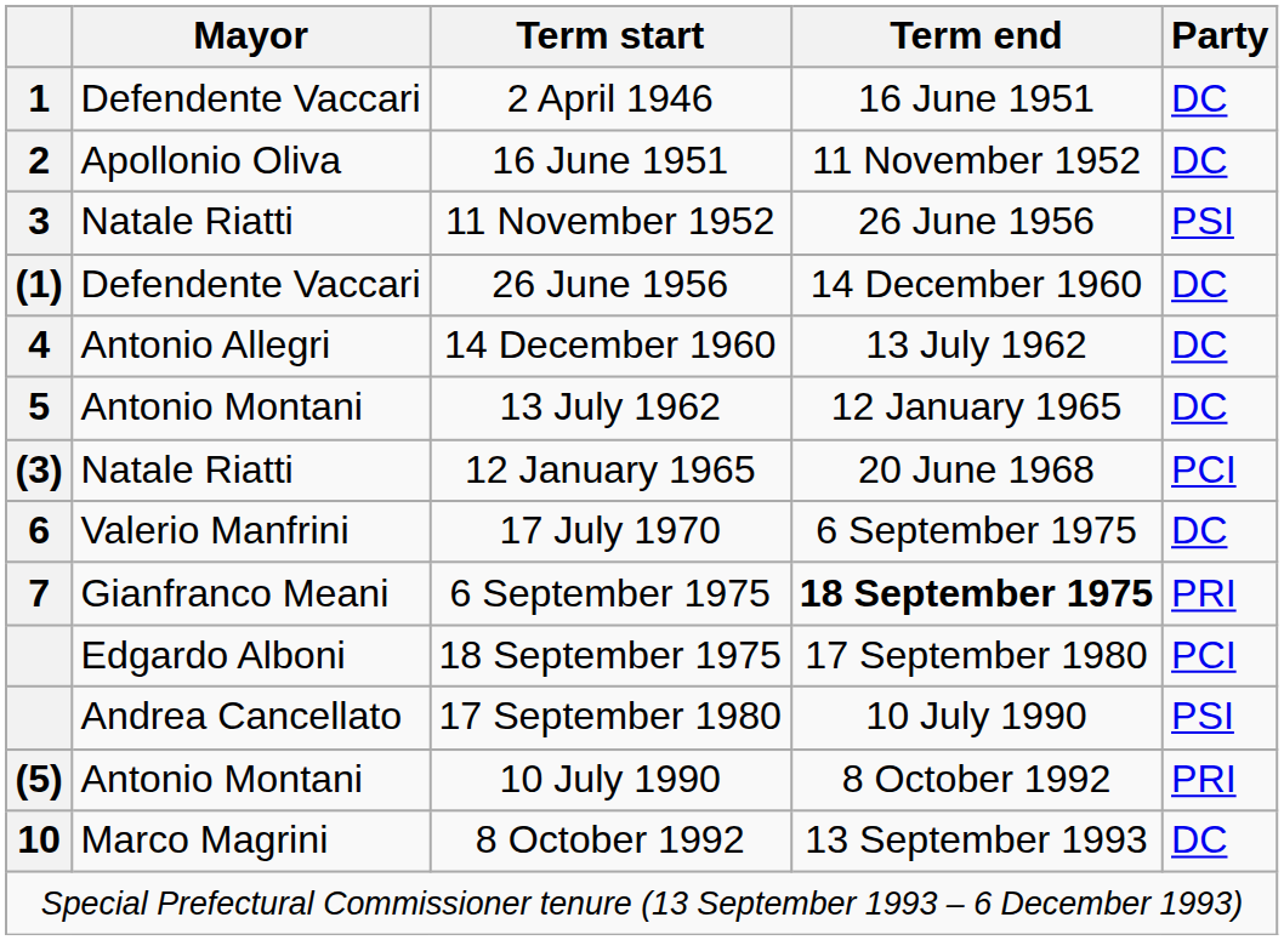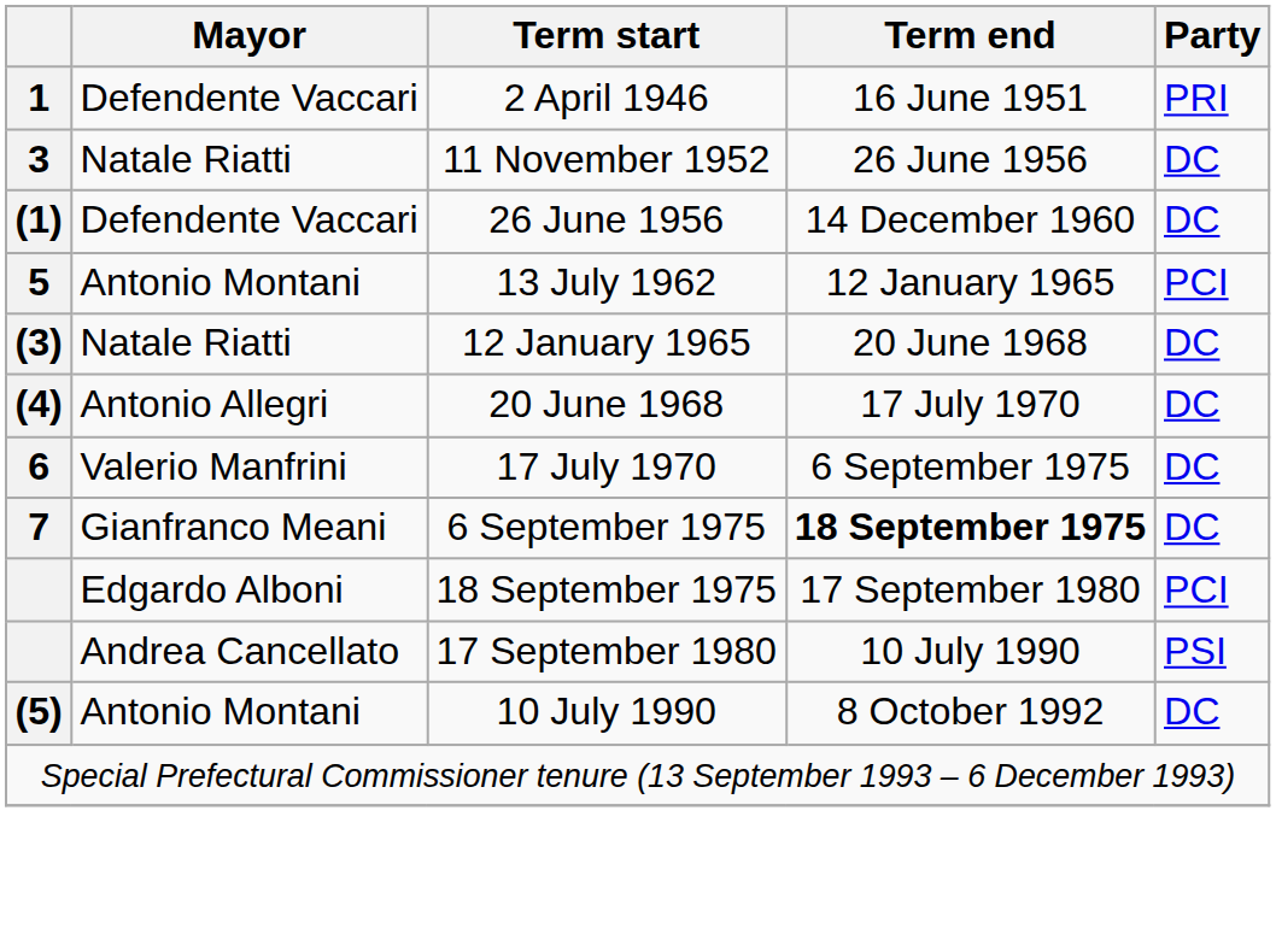 <table class="wikitable">
 <tr>
 <th class=unsortable> </th>
 <th>Mayor</th>
 <th>Term start</th>
 <th>Term end</th>
 <th>Party</th>
 </tr>
 <tr>
 <th style="background:">1</th>
 <td>Defendente Vaccari</td>
 <td align=center>2 April 1946</td>
 <td align=center>16 June 1951</td>
-<td><a href='#'>DC</a></td>
-</tr>
-<tr>
-<th style="background:">2</th>
-<td>Apollonio Oliva</td>
-<td align=center>16 June 1951</td>
-<td align=center>11 November 1952</td>
-<td><a href='#'>DC</a></td>
+<td><a href='#'>PRI</a></td>
 </tr>
 <tr>
 <th style="background:">3</th>
 <td>Natale Riatti</td>
 <td align=center>11 November 1952</td>
 <td align=center>26 June 1956</td>
-<td><a href='#'>PSI</a></td>
+<td><a href='#'>DC</a></td>
 </tr>
 <tr>
 <th style="background:">(1)</th>
 <td>Defendente Vaccari</td>
 <td align=center>26 June 1956</td>
 <td align=center>14 December 1960</td>
 <td><a href='#'>DC</a></td>
 </tr>
 <tr>
-<th style="background:">4</th>
-<td>Antonio Allegri</td>
-<td align=center>14 December 1960</td>
-<td align=center>13 July 1962</td>
-<td><a href='#'>DC</a></td>
-</tr>
-<tr>
 <th style="background:">5</th>
 <td>Antonio Montani</td>
 <td align=center>13 July 1962</td>
 <td align=center>12 January 1965</td>
-<td><a href='#'>DC</a></td>
+<td><a href='#'>PCI</a></td>
 </tr>
 <tr>
 <th style="background:">(3)</th>
 <td>Natale Riatti</td>
 <td align=center>12 January 1965</td>
 <td align=center>20 June 1968</td>
-<td><a href='#'>PCI</a></td>
+<td><a href='#'>DC</a></td>
+</tr>
+<tr>
+<th style="background:">(4)</th>
+<td>Antonio Allegri</td>
+<td align=center>20 June 1968</td>
+<td align=center>17 July 1970</td>
+<td><a href='#'>DC</a></td>
 </tr>
 <tr>
 <th style="background:">6</th>
 <td>Valerio Manfrini</td>
 <td align=center>17 July 1970</td>
 <td align=center>6 September 1975</td>
 <td><a href='#'>DC</a></td>
 </tr>
 <tr>
 <th style="background:">7</th>
 <td>Gianfranco Meani</td>
 <td align=center>6 September 1975</td>
 <td align=center><strong>18 September 1975</strong></td>
-<td><a href='#'>PRI</a></td>
+<td><a href='#'>DC</a></td>
 </tr>
 <tr>
 <th style="background:"></th>
 <td>Edgardo Alboni</td>
 <td align=center>18 September 1975</td>
 <td align=center>17 September 1980</td>
 <td><a href='#'>PCI</a></td>
 </tr>
 <tr>
 <th style="background:"></th>
 <td>Andrea Cancellato</td>
 <td align=center>17 September 1980</td>
 <td align=center>10 July 1990</td>
 <td><a href='#'>PSI</a></td>
 </tr>
 <tr>
 <th style="background:">(5)</th>
 <td>Antonio Montani</td>
 <td align=center>10 July 1990</td>
 <td align=center>8 October 1992</td>
-<td><a href='#'>PRI</a></td>
-</tr>
-<tr>
-<th style="background:">10</th>
-<td>Marco Magrini</td>
-<td align=center>8 October 1992</td>
-<td align=center>13 September 1993</td>
 <td><a href='#'>DC</a></td>
 </tr>
 <tr>
 <td align=center colspan=5><small><em>Special Prefectural Commissioner tenure (13 September 1993 – 6 December 1993)</em></small></td>
 </tr>
 <tr>
 </tr>
 </table>
